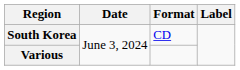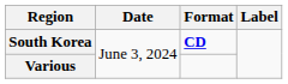 <table class="wikitable plainrowheaders">
 <tr>
 <th scope="col">Region</th>
 <th scope="col">Date</th>
 <th scope="col">Format</th>
 <th scope="col">Label</th>
 </tr>
 <tr>
 <th scope="row">South Korea</th>
 <td rowspan="2">June 3, 2024</td>
-<td><a href='#'>CD</a></td>
+<td><strong><a href='#'>CD</a></strong></td>
 <td rowspan="2"></td>
 </tr>
 <tr>
 <th scope="row">Various </th>
 <td></td>
 </tr>
 </table>
